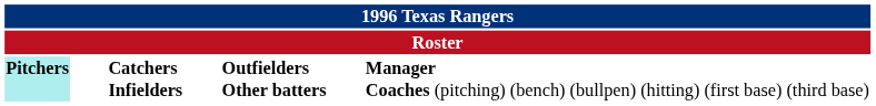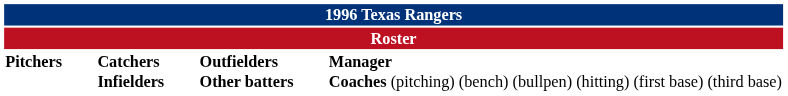 <table class="toccolours" style="font-size: 95%;">
 <tr>
 <th colspan="10" style="background-color: #003279; color: #FFFFFF; text-align: center;">1996 Texas Rangers</th>
 </tr>
 <tr>
 <td colspan="10" style="background-color: #bd1021; color: white; text-align: center;"><strong>Roster</strong></td>
 </tr>
 <tr>
-<td valign="top" style="background: paleturquoise;"><strong>Pitchers</strong><br>                </td>
+<td valign="top"><strong>Pitchers</strong><br>                </td>
 <td width="25px"></td>
 <td valign="top"><strong>Catchers</strong><br>   <strong>Infielders</strong>          </td>
 <td width="25px"></td>
 <td valign="top"><strong>Outfielders</strong><br>        <strong>Other batters</strong> </td>
 <td width="25px"></td>
 <td valign="top"><strong>Manager</strong><br> <strong>Coaches</strong>  (pitching)  (bench)  (bullpen)  (hitting)  (first base)  (third base)</td>
 </tr>
 </table>
